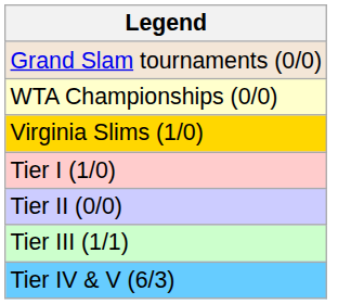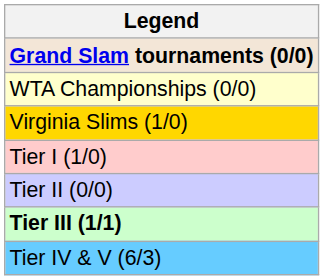 <table class="wikitable sortable mw-collapsible mw-collapsed">
 <tr>
 <th>Legend</th>
 </tr>
 <tr>
-<td bgcolor="#f3e6d7"><a href='#'>Grand Slam</a> tournaments (0/0)</td>
+<td bgcolor="#f3e6d7"><strong><a href='#'>Grand Slam</a> tournaments (0/0)</strong></td>
 </tr>
 <tr>
 <td bgcolor="#ffffcc">WTA Championships (0/0)</td>
 </tr>
 <tr>
 <td style="background: gold;">Virginia Slims (1/0)</td>
 </tr>
 <tr>
 <td bgcolor="#ffcccc">Tier I (1/0)</td>
 </tr>
 <tr>
 <td bgcolor="#ccccff">Tier II (0/0)</td>
 </tr>
 <tr>
-<td bgcolor="#CCFFCC">Tier III (1/1)</td>
+<td bgcolor="#CCFFCC"><strong>Tier III (1/1)</strong></td>
 </tr>
 <tr>
 <td bgcolor="#66CCFF">Tier IV & V (6/3)</td>
 </tr>
 </table>
